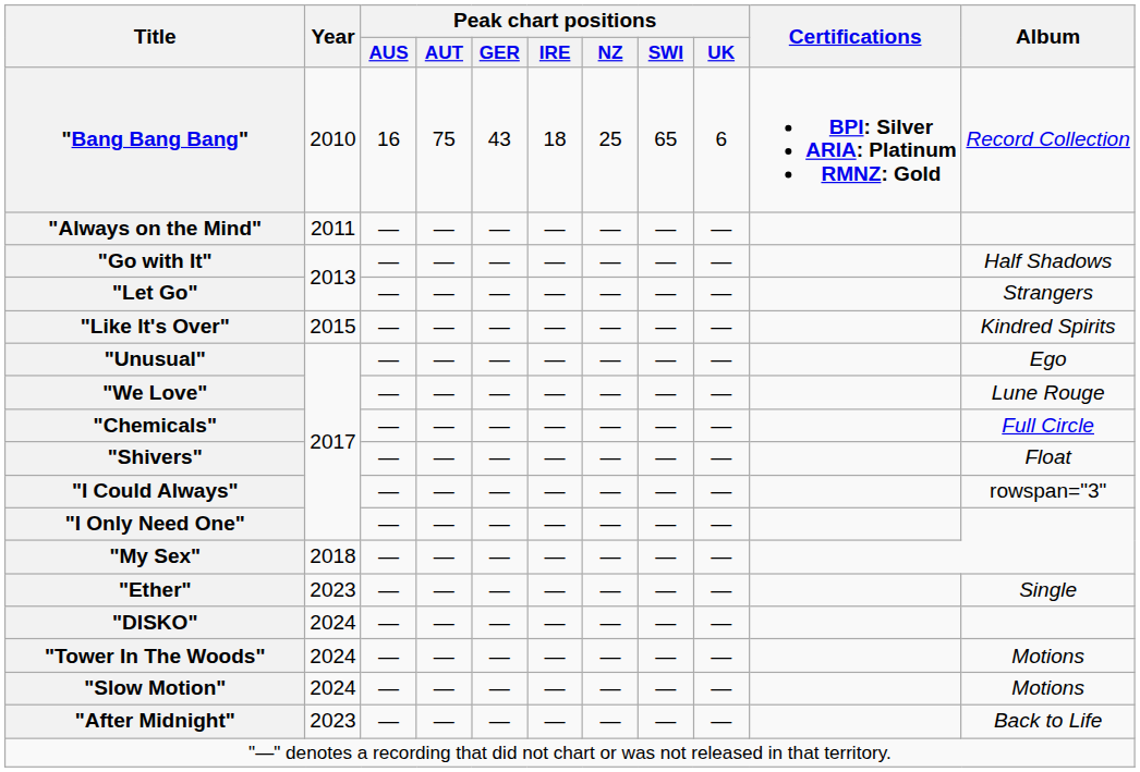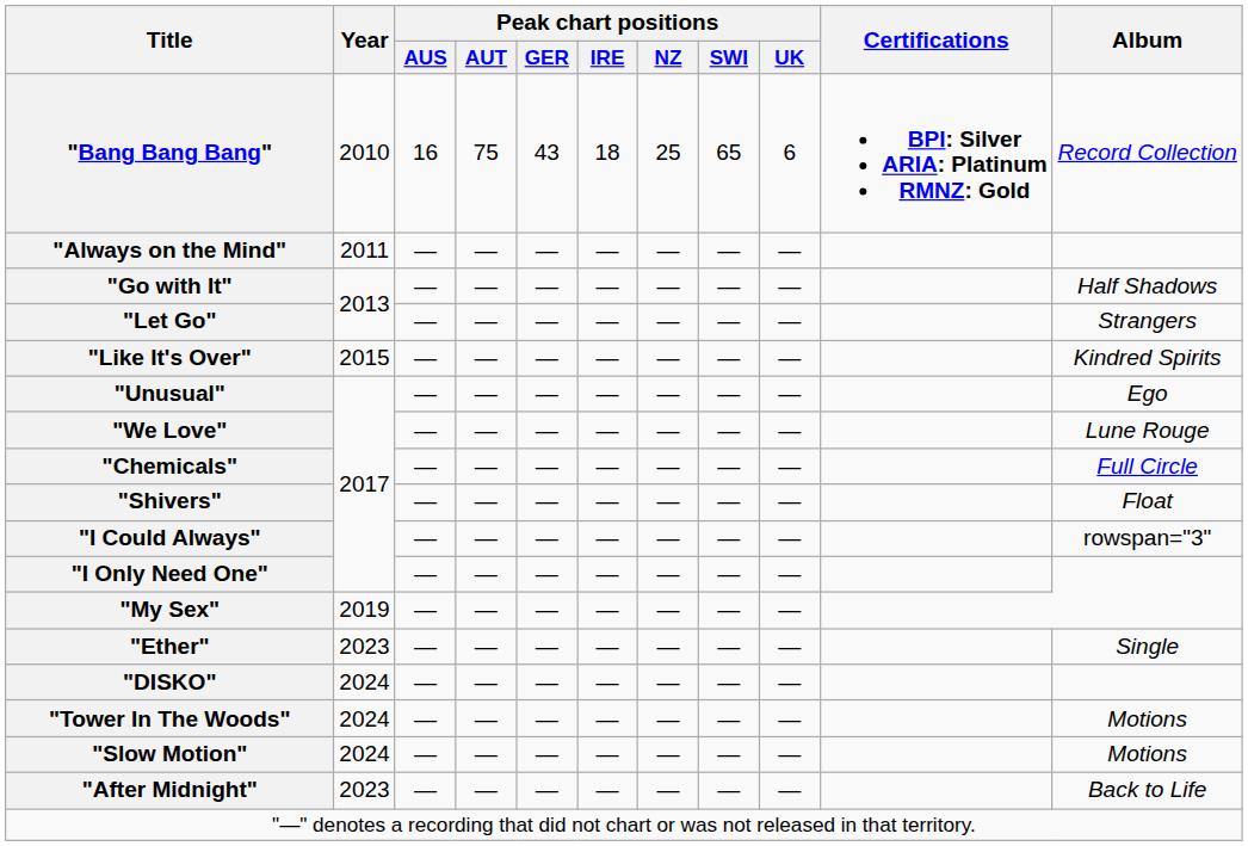 <table class="wikitable plainrowheaders" style="text-align:center;">
 <tr>
 <th scope="col" rowspan="2" style="width:14em;">Title</th>
 <th scope="col" rowspan="2">Year</th>
 <th scope="col" colspan="7">Peak chart positions</th>
 <th scope="col" rowspan="2"><a href='#'>Certifications</a></th>
 <th scope="col" rowspan="2">Album</th>
 </tr>
 <tr>
 <th scope="col" style="width:2.5em;font-size:90%;"><a href='#'>AUS</a><br></th>
 <th scope="col" style="width:2.5em;font-size:90%;"><a href='#'>AUT</a><br></th>
 <th scope="col" style="width:2.5em;font-size:90%;"><a href='#'>GER</a><br></th>
 <th scope="col" style="width:2.5em;font-size:90%;"><a href='#'>IRE</a><br></th>
 <th scope="col" style="width:2.5em;font-size:90%;"><a href='#'>NZ</a><br></th>
 <th scope="col" style="width:2.5em;font-size:90%;"><a href='#'>SWI</a><br></th>
 <th scope="col" style="width:2.5em;font-size:90%;"><a href='#'>UK</a><br></th>
 </tr>
 <tr>
 <th scope="row">"<a href='#'>Bang Bang Bang</a>" <br></th>
 <td>2010</td>
 <td>16</td>
 <td>75</td>
 <td>43</td>
 <td>18</td>
 <td>25</td>
 <td>65</td>
 <td>6</td>
 <td><strong><br><ul><li><a href='#'>BPI</a>: Silver</li><li><a href='#'>ARIA</a>: Platinum</li><li><a href='#'>RMNZ</a>: Gold</li></ul></strong></td>
 <td><em><a href='#'>Record Collection</a></em></td>
 </tr>
 <tr>
 <th scope="row">"Always on the Mind"<br></th>
 <td>2011</td>
 <td>—</td>
 <td>—</td>
 <td>—</td>
 <td>—</td>
 <td>—</td>
 <td>—</td>
 <td>—</td>
 <td></td>
 <td></td>
 </tr>
 <tr>
 <th scope="row">"Go with It"<br></th>
 <td rowspan="2">2013</td>
 <td>—</td>
 <td>—</td>
 <td>—</td>
 <td>—</td>
 <td>—</td>
 <td>—</td>
 <td>—</td>
 <td></td>
 <td><em>Half Shadows</em></td>
 </tr>
 <tr>
 <th scope="row">"Let Go"<br></th>
 <td>—</td>
 <td>—</td>
 <td>—</td>
 <td>—</td>
 <td>—</td>
 <td>—</td>
 <td>—</td>
 <td></td>
 <td><em>Strangers</em></td>
 </tr>
 <tr>
 <th scope="row">"Like It's Over"<br></th>
 <td>2015</td>
 <td>—</td>
 <td>—</td>
 <td>—</td>
 <td>—</td>
 <td>—</td>
 <td>—</td>
 <td>—</td>
 <td></td>
 <td><em>Kindred Spirits</em></td>
 </tr>
 <tr>
 <th scope="row">"Unusual"<br></th>
 <td rowspan="6">2017</td>
 <td>—</td>
 <td>—</td>
 <td>—</td>
 <td>—</td>
 <td>—</td>
 <td>—</td>
 <td>—</td>
 <td></td>
 <td><em>Ego</em></td>
 </tr>
 <tr>
 <th scope="row">"We Love"<br></th>
 <td>—</td>
 <td>—</td>
 <td>—</td>
 <td>—</td>
 <td>—</td>
 <td>—</td>
 <td>—</td>
 <td></td>
 <td><em>Lune Rouge</em></td>
 </tr>
 <tr>
 <th scope="row">"Chemicals"<br></th>
 <td>—</td>
 <td>—</td>
 <td>—</td>
 <td>—</td>
 <td>—</td>
 <td>—</td>
 <td>—</td>
 <td></td>
 <td><em><a href='#'>Full Circle</a></em></td>
 </tr>
 <tr>
 <th scope="row">"Shivers"<br></th>
 <td>—</td>
 <td>—</td>
 <td>—</td>
 <td>—</td>
 <td>—</td>
 <td>—</td>
 <td>—</td>
 <td></td>
 <td><em>Float</em></td>
 </tr>
 <tr>
 <th scope="row">"I Could Always"<br></th>
 <td>—</td>
 <td>—</td>
 <td>—</td>
 <td>—</td>
 <td>—</td>
 <td>—</td>
 <td>—</td>
 <td></td>
 <td>rowspan="3" </td>
 </tr>
 <tr>
 <th scope="row">"I Only Need One"<br></th>
 <td>—</td>
 <td>—</td>
 <td>—</td>
 <td>—</td>
 <td>—</td>
 <td>—</td>
 <td>—</td>
 <td></td>
 </tr>
 <tr>
 <th scope="row">"My Sex"<br></th>
-<td>2018</td>
+<td>2019</td>
 <td>—</td>
 <td>—</td>
 <td>—</td>
 <td>—</td>
 <td>—</td>
 <td>—</td>
 <td>—</td>
 </tr>
 <tr>
 <th scope="row">"Ether"<br></th>
 <td>2023</td>
 <td>—</td>
 <td>—</td>
 <td>—</td>
 <td>—</td>
 <td>—</td>
 <td>—</td>
 <td>—</td>
 <td></td>
 <td><em>Single</em></td>
 </tr>
 <tr>
 <th scope="row">"DISKO"<br></th>
 <td>2024</td>
 <td>—</td>
 <td>—</td>
 <td>—</td>
 <td>—</td>
 <td>—</td>
 <td>—</td>
 <td>—</td>
 <td></td>
 <td></td>
 </tr>
 <tr>
 <th scope="row">"Tower In The Woods"<br></th>
 <td>2024</td>
 <td>—</td>
 <td>—</td>
 <td>—</td>
 <td>—</td>
 <td>—</td>
 <td>—</td>
 <td>—</td>
 <td></td>
 <td><em>Motions</em></td>
 </tr>
 <tr>
 <th scope="row">"Slow Motion"<br></th>
 <td>2024</td>
 <td>—</td>
 <td>—</td>
 <td>—</td>
 <td>—</td>
 <td>—</td>
 <td>—</td>
 <td>—</td>
 <td></td>
 <td><em>Motions</em></td>
 </tr>
 <tr>
 <th scope="row">"After Midnight"<br></th>
 <td>2023</td>
 <td>—</td>
 <td>—</td>
 <td>—</td>
 <td>—</td>
 <td>—</td>
 <td>—</td>
 <td>—</td>
 <td></td>
 <td><em>Back to Life </em></td>
 </tr>
 <tr>
 <td colspan="11" style="font-size:90%">"—" denotes a recording that did not chart or was not released in that territory.</td>
 </tr>
 </table>
